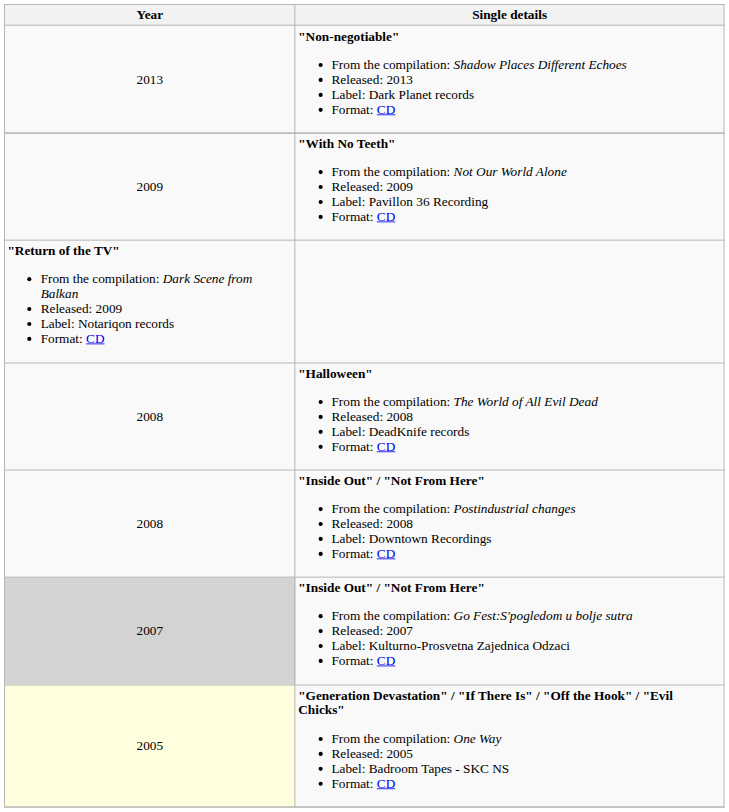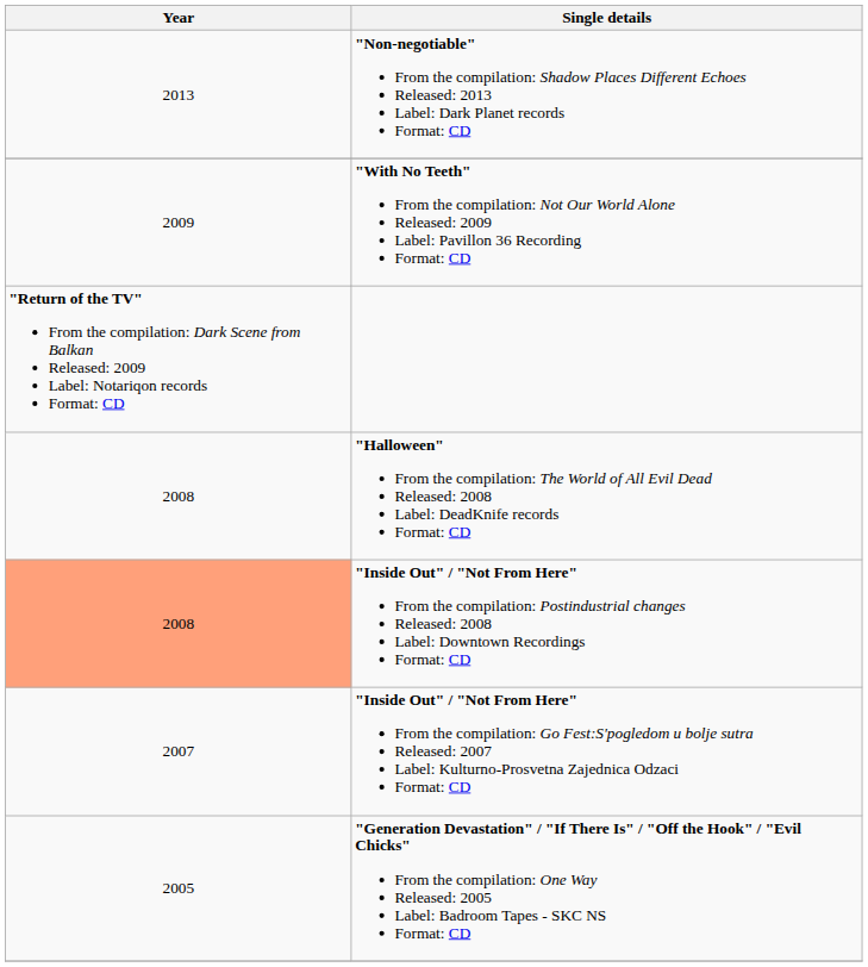 <table class ="wikitable">
 <tr>
 <th>Year</th>
 <th>Single details</th>
 </tr>
 <tr>
 <td align="center" rowspan="1">2013</td>
 <td><strong>"Non-negotiable"</strong><br><ul><li>From the compilation: <em>Shadow Places Different Echoes </em></li><li>Released: 2013</li><li>Label: Dark Planet records</li><li>Format: <a href='#'>CD</a></li></ul></td>
 </tr>
 <tr>
 </tr>
 <tr>
 <td align="center" rowspan="2">2009</td>
 <td><strong>"With No Teeth"</strong><br><ul><li>From the compilation: <em>Not Our World Alone </em></li><li>Released: 2009</li><li>Label: Pavillon 36 Recording</li><li>Format: <a href='#'>CD</a></li></ul></td>
 </tr>
 <tr>
 </tr>
 <tr>
 <td><strong>"Return of the TV"</strong><br><ul><li>From the compilation: <em>Dark Scene from Balkan </em></li><li>Released: 2009</li><li>Label: Notariqon records</li><li>Format: <a href='#'>CD</a></li></ul></td>
 </tr>
 <tr>
 <td align="center" rowspan="1">2008</td>
 <td><strong>"Halloween"</strong><br><ul><li>From the compilation: <em>The World of All Evil Dead</em></li><li>Released: 2008</li><li>Label: DeadKnife records</li><li>Format: <a href='#'>CD</a></li></ul></td>
 </tr>
 <tr>
-<td align="center" rowspan="1">2008</td>
+<td align="center" rowspan="1" style="background: lightsalmon;">2008</td>
 <td><strong>"Inside Out" / "Not From Here"</strong><br><ul><li>From the compilation: <em>Postindustrial changes </em></li><li>Released: 2008</li><li>Label: Downtown Recordings</li><li>Format: <a href='#'>CD</a></li></ul></td>
 </tr>
 <tr>
-<td align="center" rowspan="1" style="background: lightgrey;">2007</td>
+<td align="center" rowspan="1">2007</td>
 <td><strong>"Inside Out" / "Not From Here"</strong><br><ul><li>From the compilation: <em>Go Fest:S'pogledom u bolje sutra </em></li><li>Released: 2007</li><li>Label: Kulturno-Prosvetna Zajednica Odzaci</li><li>Format: <a href='#'>CD</a></li></ul></td>
 </tr>
 <tr>
-<td align="center" rowspan="1" style="background: lightyellow;">2005</td>
+<td align="center" rowspan="1">2005</td>
 <td><strong>"Generation Devastation" / "If There Is" / "Off the Hook" / "Evil Chicks"</strong><br><ul><li>From the compilation: <em>One Way</em></li><li>Released: 2005</li><li>Label: Badroom Tapes - SKC NS</li><li>Format: <a href='#'>CD</a></li></ul></td>
 </tr>
 <tr>
 </tr>
 </table>
